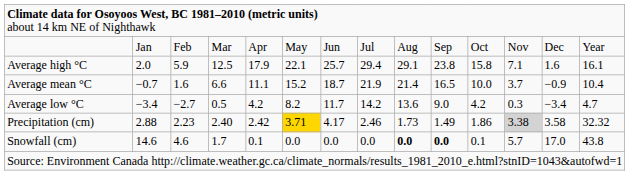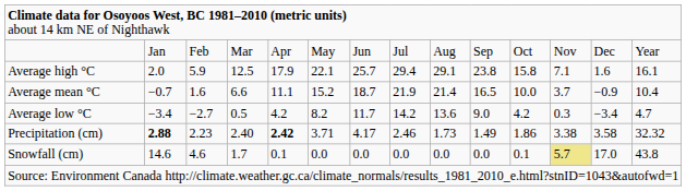 <table class="wikitable" align="center">
 <tr>
 <td colspan="14"><strong>Climate data for Osoyoos West, BC 1981–2010 (metric units)</strong><br>about 14 km NE of Nighthawk</td>
 </tr>
 <tr>
 <td></td>
 <td>Jan</td>
 <td>Feb</td>
 <td>Mar</td>
 <td>Apr</td>
 <td>May</td>
 <td>Jun</td>
 <td>Jul</td>
 <td>Aug</td>
 <td>Sep</td>
 <td>Oct</td>
 <td>Nov</td>
 <td>Dec</td>
 <td>Year</td>
 </tr>
 <tr>
 <td>Average high °C</td>
 <td>2.0</td>
 <td>5.9</td>
 <td>12.5</td>
 <td>17.9</td>
 <td>22.1</td>
 <td>25.7</td>
 <td>29.4</td>
 <td>29.1</td>
 <td>23.8</td>
 <td>15.8</td>
 <td>7.1</td>
 <td>1.6</td>
 <td>16.1</td>
 </tr>
 <tr>
 <td>Average mean °C</td>
 <td>−0.7</td>
 <td>1.6</td>
 <td>6.6</td>
 <td>11.1</td>
 <td>15.2</td>
 <td>18.7</td>
 <td>21.9</td>
 <td>21.4</td>
 <td>16.5</td>
 <td>10.0</td>
 <td>3.7</td>
 <td>−0.9</td>
 <td>10.4</td>
 </tr>
 <tr>
 <td>Average low °C</td>
 <td>−3.4</td>
 <td>−2.7</td>
 <td>0.5</td>
 <td>4.2</td>
 <td>8.2</td>
 <td>11.7</td>
 <td>14.2</td>
 <td>13.6</td>
 <td>9.0</td>
 <td>4.2</td>
 <td>0.3</td>
 <td>−3.4</td>
 <td>4.7</td>
 </tr>
 <tr>
 <td>Precipitation (cm)</td>
-<td>2.88</td>
+<td><strong>2.88</strong></td>
 <td>2.23</td>
 <td>2.40</td>
-<td>2.42</td>
-<td style="background: gold;">3.71</td>
+<td><strong>2.42</strong></td>
+<td>3.71</td>
 <td>4.17</td>
 <td>2.46</td>
 <td>1.73</td>
 <td>1.49</td>
 <td>1.86</td>
-<td style="background: lightgrey;">3.38</td>
+<td>3.38</td>
 <td>3.58</td>
 <td>32.32</td>
 </tr>
 <tr>
 <td>Snowfall (cm)</td>
 <td>14.6</td>
 <td>4.6</td>
 <td>1.7</td>
 <td>0.1</td>
 <td>0.0</td>
 <td>0.0</td>
 <td>0.0</td>
-<td><strong>0.0</strong></td>
-<td><strong>0.0</strong></td>
+<td>0.0</td>
+<td>0.0</td>
 <td>0.1</td>
-<td>5.7</td>
+<td style="background: khaki;">5.7</td>
 <td>17.0</td>
 <td>43.8</td>
 </tr>
 <tr>
 <td colspan="14">Source: Environment Canada http://climate.weather.gc.ca/climate_normals/results_1981_2010_e.html?stnID=1043&autofwd=1</td>
 </tr>
 </table>
